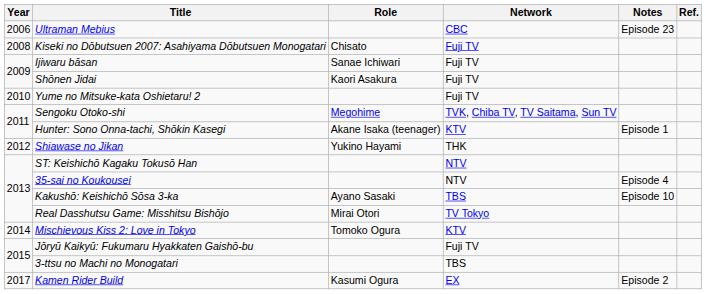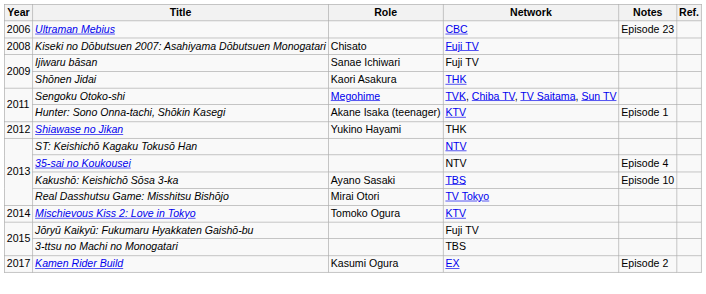 <table class="wikitable">
 <tr>
 <th>Year</th>
 <th>Title</th>
 <th>Role</th>
 <th>Network</th>
 <th>Notes</th>
 <th>Ref.</th>
 </tr>
 <tr>
 <td>2006</td>
 <td><em><a href='#'>Ultraman Mebius</a></em></td>
 <td></td>
 <td><a href='#'>CBC</a></td>
 <td>Episode 23</td>
 <td></td>
 </tr>
 <tr>
 <td>2008</td>
 <td><em>Kiseki no Dōbutsuen 2007: Asahiyama Dōbutsuen Monogatari</em></td>
 <td>Chisato</td>
 <td><a href='#'>Fuji TV</a></td>
 <td></td>
 <td></td>
 </tr>
 <tr>
 <td rowspan="2'">2009</td>
 <td><em>Ijiwaru bāsan</em></td>
 <td>Sanae Ichiwari</td>
 <td>Fuji TV</td>
 <td></td>
 <td></td>
 </tr>
 <tr>
 <td><em>Shōnen Jidai</em></td>
 <td>Kaori Asakura</td>
-<td>Fuji TV</td>
-<td></td>
-<td></td>
-</tr>
-<tr>
-<td>2010</td>
-<td><em>Yume no Mitsuke-kata Oshietaru! 2</em></td>
-<td></td>
-<td>Fuji TV</td>
+<td><a href='#'>THK</a></td>
 <td></td>
 <td></td>
 </tr>
 <tr>
 <td rowspan="2">2011</td>
 <td><em>Sengoku Otoko-shi</em></td>
 <td><a href='#'>Megohime</a></td>
 <td><a href='#'>TVK</a>, <a href='#'>Chiba TV</a>, <a href='#'>TV Saitama</a>, <a href='#'>Sun TV</a></td>
 <td></td>
 <td></td>
 </tr>
 <tr>
 <td><em>Hunter: Sono Onna-tachi, Shōkin Kasegi</em></td>
 <td>Akane Isaka (teenager)</td>
 <td><a href='#'>KTV</a></td>
 <td>Episode 1</td>
 <td></td>
 </tr>
 <tr>
 <td>2012</td>
 <td><em><a href='#'>Shiawase no Jikan</a></em></td>
 <td>Yukino Hayami</td>
 <td>THK</td>
 <td></td>
 <td></td>
 </tr>
 <tr>
 <td rowspan="4">2013</td>
 <td><em>ST: Keishichō Kagaku Tokusō Han</em></td>
 <td></td>
 <td><a href='#'>NTV</a></td>
 <td></td>
 <td></td>
 </tr>
 <tr>
 <td><em><a href='#'>35-sai no Koukousei</a></em></td>
 <td></td>
 <td>NTV</td>
 <td>Episode 4</td>
 <td></td>
 </tr>
 <tr>
 <td><em>Kakushō: Keishichō Sōsa 3-ka</em></td>
 <td>Ayano Sasaki</td>
 <td><a href='#'>TBS</a></td>
 <td>Episode 10</td>
 <td></td>
 </tr>
 <tr>
 <td><em>Real Dasshutsu Game: Misshitsu Bishōjo</em></td>
 <td>Mirai Otori</td>
 <td><a href='#'>TV Tokyo</a></td>
 <td></td>
 <td></td>
 </tr>
 <tr>
 <td>2014</td>
 <td><em><a href='#'>Mischievous Kiss 2: Love in Tokyo</a></em></td>
 <td>Tomoko Ogura</td>
 <td><a href='#'>KTV</a></td>
 <td></td>
 <td></td>
 </tr>
 <tr>
 <td rowspan="2">2015</td>
 <td><em>Jōryū Kaikyū: Fukumaru Hyakkaten Gaishō-bu</em></td>
 <td></td>
 <td>Fuji TV</td>
 <td></td>
 <td></td>
 </tr>
 <tr>
 <td><em>3-ttsu no Machi no Monogatari</em></td>
 <td></td>
 <td>TBS</td>
 <td></td>
 <td></td>
 </tr>
 <tr>
 <td>2017</td>
 <td><em><a href='#'>Kamen Rider Build</a></em></td>
 <td>Kasumi Ogura</td>
 <td><a href='#'>EX</a></td>
 <td>Episode 2</td>
 <td></td>
 </tr>
 </table>
